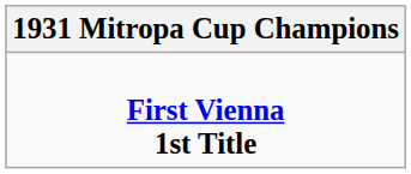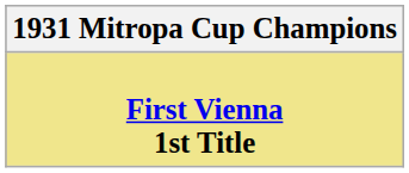 <table class=wikitable style="text-align:center; margin:auto">
 <tr>
 <th>1931 Mitropa Cup Champions</th>
 </tr>
 <tr>
-<td> <br> <strong><a href='#'>First Vienna</a></strong> <br> <strong>1st Title</strong></td>
+<td style="background: khaki;"> <br> <strong><a href='#'>First Vienna</a></strong> <br> <strong>1st Title</strong></td>
 </tr>
 </table>
